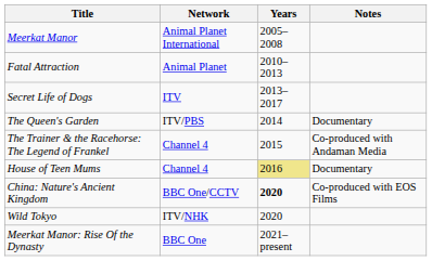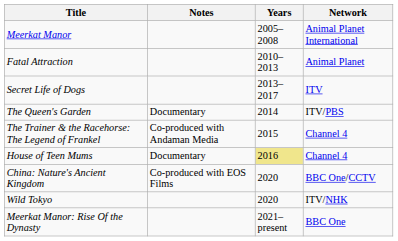 <table class="wikitable sortable$">
 <tr>
 <th>Title</th>
+<th>Notes</th>
+<th>Years</th>
 <th>Network</th>
-<th>Years</th>
-<th>Notes</th>
 </tr>
 <tr>
 <td><em><a href='#'>Meerkat Manor</a></em></td>
+<td></td>
+<td>2005–2008</td>
 <td><a href='#'>Animal Planet International</a></td>
-<td>2005–2008</td>
-<td></td>
 </tr>
 <tr>
 <td><em>Fatal Attraction</em></td>
+<td></td>
+<td>2010–2013</td>
 <td><a href='#'>Animal Planet</a></td>
-<td>2010–2013</td>
-<td></td>
 </tr>
 <tr>
 <td><em>Secret Life of Dogs</em></td>
+<td></td>
+<td>2013–2017</td>
 <td><a href='#'>ITV</a></td>
-<td>2013–2017</td>
-<td></td>
 </tr>
 <tr>
 <td><em>The Queen's Garden</em></td>
+<td>Documentary</td>
+<td>2014</td>
 <td>ITV/<a href='#'>PBS</a></td>
-<td>2014</td>
-<td>Documentary</td>
 </tr>
 <tr>
 <td><em>The Trainer & the Racehorse: The Legend of Frankel</em></td>
+<td>Co-produced with Andaman Media</td>
+<td>2015</td>
 <td><a href='#'>Channel 4</a></td>
-<td>2015</td>
-<td>Co-produced with Andaman Media</td>
 </tr>
 <tr>
 <td><em>House of Teen Mums</em></td>
+<td>Documentary</td>
+<td style="background: khaki;">2016</td>
 <td><a href='#'>Channel 4</a></td>
-<td style="background: khaki;">2016</td>
-<td>Documentary</td>
 </tr>
 <tr>
 <td><em>China: Nature's Ancient Kingdom</em></td>
+<td>Co-produced with EOS Films</td>
+<td>2020</td>
 <td><a href='#'>BBC One</a>/<a href='#'>CCTV</a></td>
-<td><strong>2020</strong></td>
-<td>Co-produced with EOS Films</td>
 </tr>
 <tr>
 <td><em>Wild Tokyo</em></td>
+<td></td>
+<td>2020</td>
 <td>ITV/<a href='#'>NHK</a></td>
-<td>2020</td>
-<td></td>
 </tr>
 <tr>
 <td><em>Meerkat Manor: Rise Of the Dynasty</em></td>
+<td></td>
+<td>2021–present</td>
 <td><a href='#'>BBC One</a></td>
-<td>2021–present</td>
-<td></td>
 </tr>
 </table>
